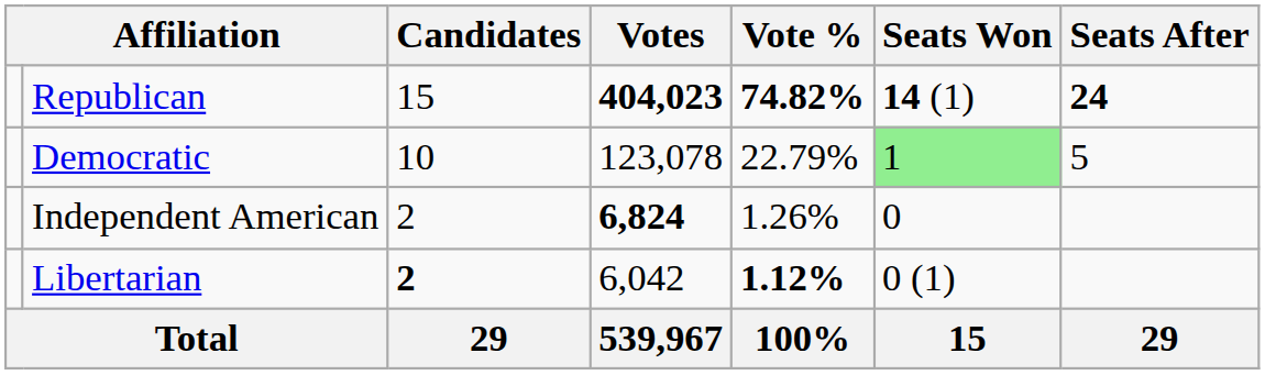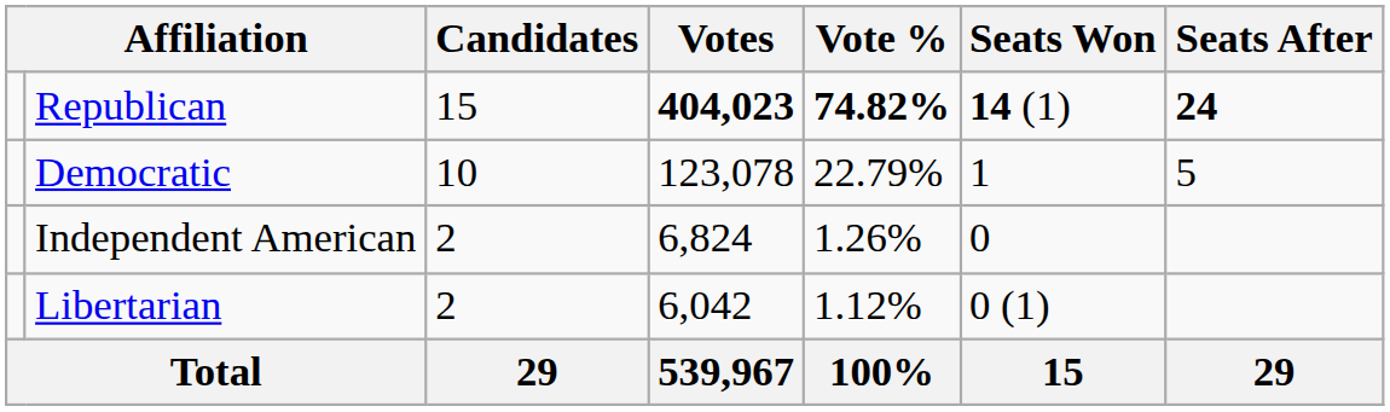 <table class="wikitable">
 <tr>
 <th colspan="2">Affiliation</th>
 <th>Candidates</th>
 <th>Votes</th>
 <th>Vote %</th>
 <th>Seats Won</th>
 <th>Seats After</th>
 </tr>
 <tr>
 <td style="background-color:"></td>
 <td><a href='#'>Republican</a></td>
 <td>15</td>
 <td><strong>404,023</strong></td>
 <td><strong>74.82%</strong></td>
 <td><strong>14</strong> (1)</td>
 <td><strong>24</strong></td>
 </tr>
 <tr>
 <td style="background-color:"></td>
 <td><a href='#'>Democratic</a></td>
 <td>10</td>
 <td>123,078</td>
 <td>22.79%</td>
-<td style="background: lightgreen;">1</td>
+<td>1</td>
 <td>5</td>
 </tr>
 <tr>
 <td style="background-color:"></td>
 <td>Independent American</td>
 <td>2</td>
-<td><strong>6,824</strong></td>
+<td>6,824</td>
 <td>1.26%</td>
 <td>0</td>
 <td></td>
 </tr>
 <tr>
 <td style="background-color:"></td>
 <td><a href='#'>Libertarian</a></td>
-<td><strong>2</strong></td>
+<td>2</td>
 <td>6,042</td>
-<td><strong>1.12%</strong></td>
+<td>1.12%</td>
 <td>0 (1)</td>
 <td></td>
 </tr>
 <tr>
 <th colspan="2">Total</th>
 <th>29</th>
 <th>539,967</th>
 <th>100%</th>
 <th>15</th>
 <th>29</th>
 </tr>
 </table>
